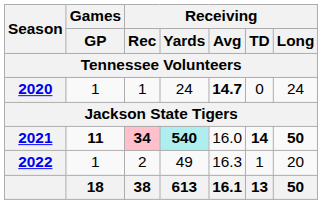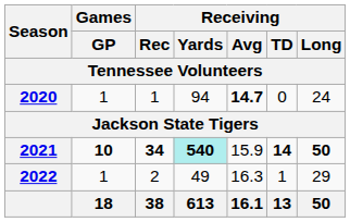 <table class="wikitable" style="text-align:center;">
 <tr>
 <th rowspan="2">Season</th>
 <th colspan="1">Games</th>
 <th colspan="5">Receiving</th>
 </tr>
 <tr>
 <th>GP</th>
 <th>Rec</th>
 <th>Yards</th>
 <th>Avg</th>
 <th>TD</th>
 <th>Long</th>
 </tr>
 <tr>
 <th colspan="7">Tennessee Volunteers</th>
 </tr>
 <tr>
 <th><a href='#'>2020</a></th>
 <td>1</td>
 <td>1</td>
-<td>24</td>
+<td>94</td>
 <td><strong>14.7</strong></td>
 <td>0</td>
 <td>24</td>
 </tr>
 <tr>
 <th colspan="7">Jackson State Tigers</th>
 </tr>
 <tr>
 <th><a href='#'>2021</a></th>
-<td><strong>11</strong></td>
-<td style="background: pink;"><strong>34</strong></td>
+<td><strong>10</strong></td>
+<td><strong>34</strong></td>
 <td style="background: paleturquoise;"><strong>540</strong></td>
-<td>16.0</td>
+<td>15.9</td>
 <td><strong>14</strong></td>
 <td><strong>50</strong></td>
 </tr>
 <tr>
 <th><a href='#'>2022</a></th>
 <td>1</td>
 <td>2</td>
 <td>49</td>
 <td>16.3</td>
 <td>1</td>
-<td>20</td>
+<td>29</td>
 </tr>
 <tr>
 <th></th>
 <th>18</th>
 <th>38</th>
 <th>613</th>
 <th>16.1</th>
 <th>13</th>
 <th>50</th>
 </tr>
 </table>
